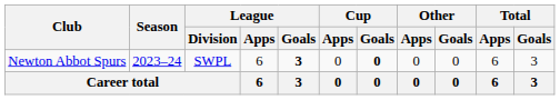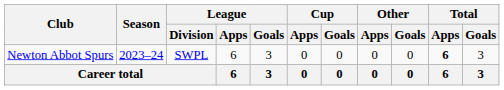 <table class=wikitable style=text-align:center>
 <tr>
 <th rowspan="2">Club</th>
 <th rowspan="2">Season</th>
 <th colspan="3">League</th>
 <th colspan="2">Cup</th>
 <th colspan="2">Other</th>
 <th colspan="2">Total</th>
 </tr>
 <tr>
 <th>Division</th>
 <th>Apps</th>
 <th>Goals</th>
 <th>Apps</th>
 <th>Goals</th>
 <th>Apps</th>
 <th>Goals</th>
 <th>Apps</th>
 <th>Goals</th>
 </tr>
 <tr>
 <td><a href='#'>Newton Abbot Spurs</a></td>
 <td><a href='#'>2023–24</a></td>
 <td><a href='#'>SWPL</a></td>
 <td>6</td>
-<td><strong>3</strong></td>
-<td>0</td>
-<td><strong>0</strong></td>
+<td>3</td>
 <td>0</td>
 <td>0</td>
-<td>6</td>
+<td>0</td>
+<td>0</td>
+<td><strong>6</strong></td>
 <td>3</td>
 </tr>
 <tr>
 <th colspan=3>Career total</th>
 <th>6</th>
 <th>3</th>
 <th>0</th>
 <th>0</th>
 <th>0</th>
 <th>0</th>
 <th>6</th>
 <th>3</th>
 </tr>
 </table>
